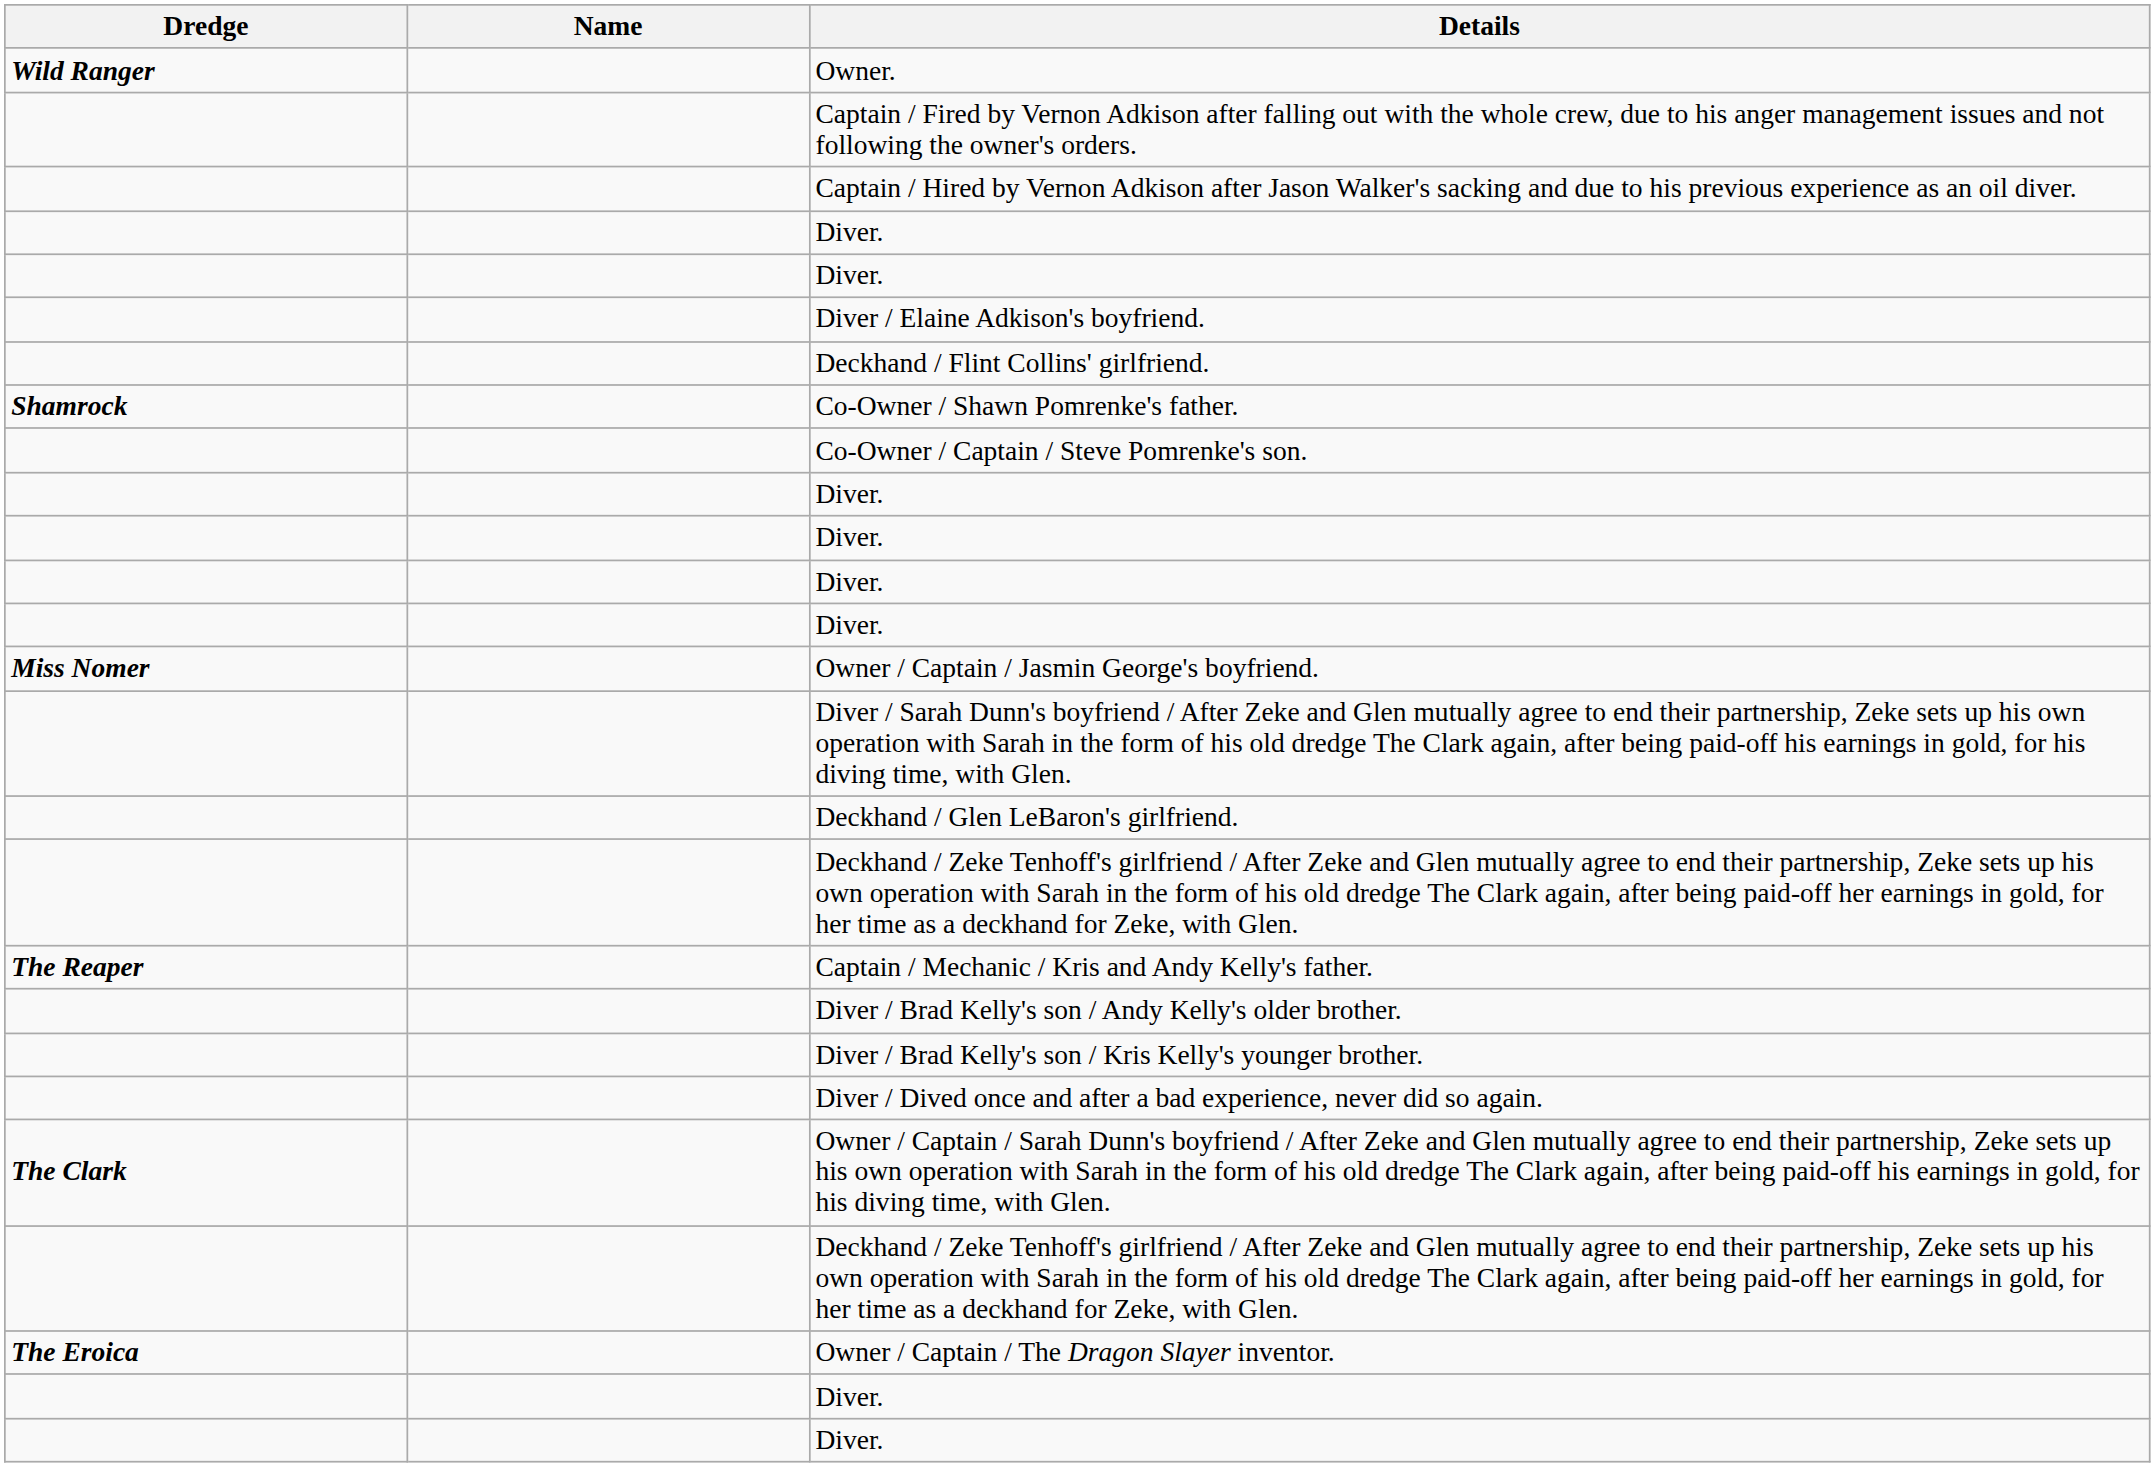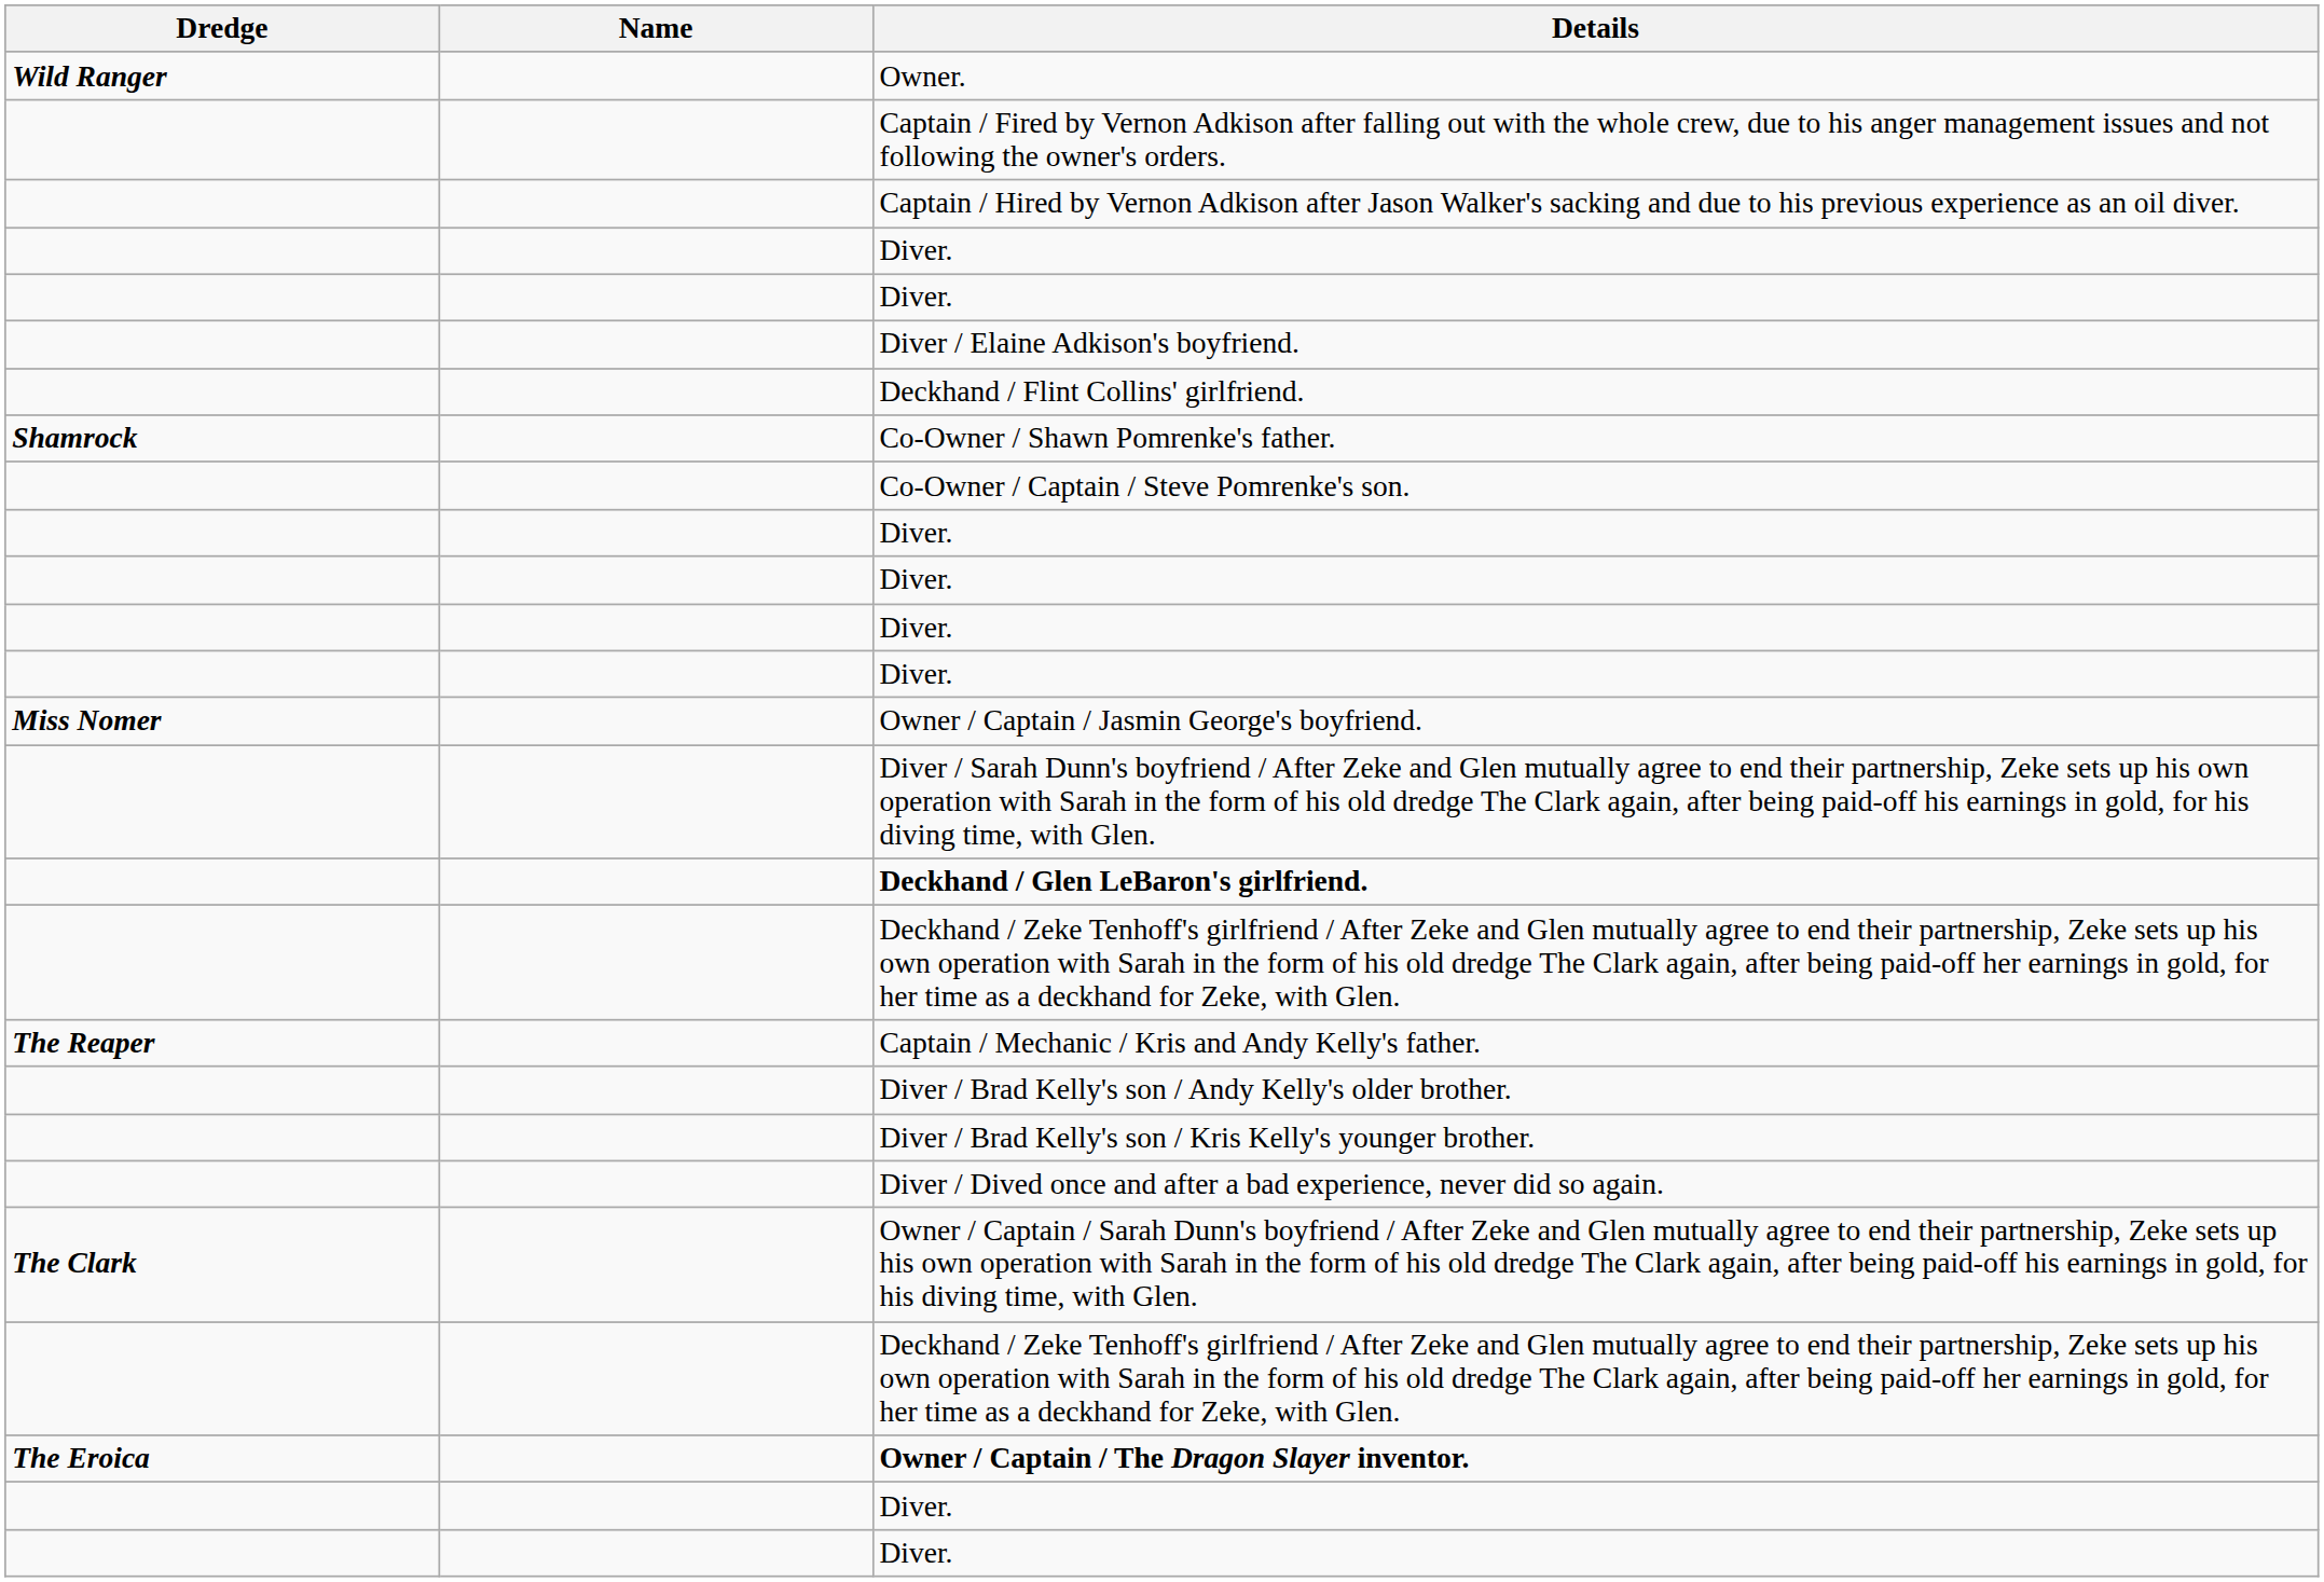 <table class=wikitable>
 <tr>
 <th style="width:15%;">Dredge</th>
 <th style="width:15%;">Name</th>
 <th colspan="12" style="width:50%;">Details</th>
 </tr>
 <tr>
 <td><strong><em>Wild Ranger</em></strong></td>
 <td></td>
 <td>Owner.</td>
 </tr>
 <tr>
 <td></td>
 <td></td>
 <td>Captain / Fired by Vernon Adkison after falling out with the whole crew, due to his anger management issues and not following the owner's orders.</td>
 </tr>
 <tr>
 <td></td>
 <td></td>
 <td>Captain / Hired by Vernon Adkison after Jason Walker's sacking and due to his previous experience as an oil diver.</td>
 </tr>
 <tr>
 <td></td>
 <td></td>
 <td>Diver.</td>
 </tr>
 <tr>
 <td></td>
 <td></td>
 <td>Diver.</td>
 </tr>
 <tr>
 <td></td>
 <td></td>
 <td>Diver / Elaine Adkison's boyfriend.</td>
 </tr>
 <tr>
 <td></td>
 <td></td>
 <td>Deckhand / Flint Collins' girlfriend.</td>
 </tr>
 <tr>
 <td><strong><em>Shamrock</em></strong></td>
 <td></td>
 <td>Co-Owner / Shawn Pomrenke's father.</td>
 </tr>
 <tr>
 <td></td>
 <td></td>
 <td>Co-Owner / Captain / Steve Pomrenke's son.</td>
 </tr>
 <tr>
 <td></td>
 <td></td>
 <td>Diver.</td>
 </tr>
 <tr>
 <td></td>
 <td></td>
 <td>Diver.</td>
 </tr>
 <tr>
 <td></td>
 <td></td>
 <td>Diver.</td>
 </tr>
 <tr>
 <td></td>
 <td></td>
 <td>Diver.</td>
 </tr>
 <tr>
 <td><strong><em>Miss Nomer</em></strong></td>
 <td></td>
 <td>Owner / Captain / Jasmin George's boyfriend.</td>
 </tr>
 <tr>
 <td></td>
 <td></td>
 <td>Diver / Sarah Dunn's boyfriend / After Zeke and Glen mutually agree to end their partnership, Zeke sets up his own operation with Sarah in the form of his old dredge The Clark again, after being paid-off his earnings in gold, for his diving time, with Glen.</td>
 </tr>
 <tr>
 <td></td>
 <td></td>
-<td>Deckhand / Glen LeBaron's girlfriend.</td>
+<td><strong>Deckhand / Glen LeBaron's girlfriend.</strong></td>
 </tr>
 <tr>
 <td></td>
 <td></td>
 <td>Deckhand / Zeke Tenhoff's girlfriend / After Zeke and Glen mutually agree to end their partnership, Zeke sets up his own operation with Sarah in the form of his old dredge The Clark again, after being paid-off her earnings in gold, for her time as a deckhand for Zeke, with Glen.</td>
 </tr>
 <tr>
 <td><strong><em>The Reaper</em></strong></td>
 <td></td>
 <td>Captain / Mechanic / Kris and Andy Kelly's father.</td>
 </tr>
 <tr>
 <td></td>
 <td></td>
 <td>Diver / Brad Kelly's son / Andy Kelly's older brother.</td>
 </tr>
 <tr>
 <td></td>
 <td></td>
 <td>Diver / Brad Kelly's son / Kris Kelly's younger brother.</td>
 </tr>
 <tr>
 <td></td>
 <td></td>
 <td>Diver / Dived once and after a bad experience, never did so again.</td>
 </tr>
 <tr>
 <td><strong><em>The Clark</em></strong></td>
 <td></td>
 <td>Owner / Captain / Sarah Dunn's boyfriend / After Zeke and Glen mutually agree to end their partnership, Zeke sets up his own operation with Sarah in the form of his old dredge The Clark again, after being paid-off his earnings in gold, for his diving time, with Glen.</td>
 </tr>
 <tr>
 <td></td>
 <td></td>
 <td>Deckhand / Zeke Tenhoff's girlfriend / After Zeke and Glen mutually agree to end their partnership, Zeke sets up his own operation with Sarah in the form of his old dredge The Clark again, after being paid-off her earnings in gold, for her time as a deckhand for Zeke, with Glen.</td>
 </tr>
 <tr>
 <td><strong><em> The Eroica</em></strong></td>
 <td></td>
-<td>Owner / Captain / The <em>Dragon Slayer</em> inventor.</td>
+<td><strong>Owner / Captain / The <em>Dragon Slayer</em> inventor.</strong></td>
 </tr>
 <tr>
 <td></td>
 <td></td>
 <td>Diver.</td>
 </tr>
 <tr>
 <td></td>
 <td></td>
 <td>Diver.</td>
 </tr>
 </table>
